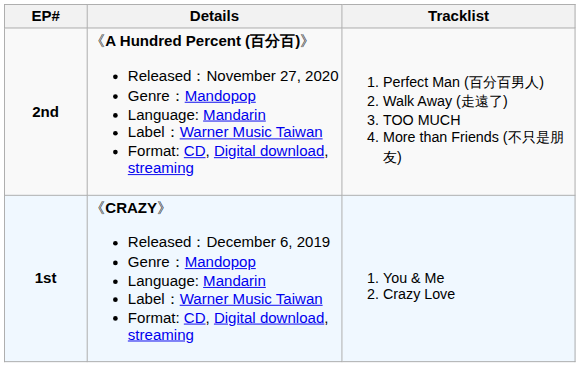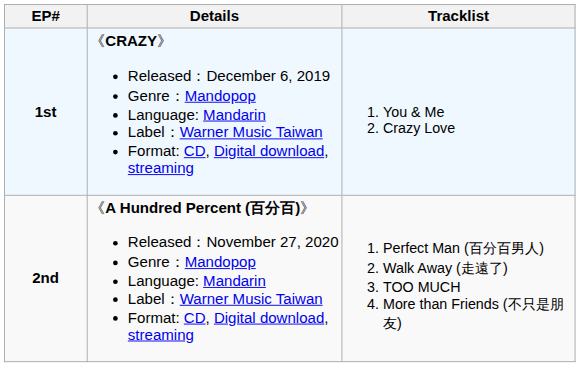 <table class="wikitable">
 <tr>
 <th width="100px">EP#</th>
 <th width="320px">Details</th>
 <th width="300px">Tracklist</th>
 </tr>
+<tr bgcolor="#F0F8FF">
+<td align=center><strong>1st</strong></td>
+<td align="left">《<strong>CRAZY</strong>》<br><ul><li>Released：December 6, 2019</li><li>Genre：<a href='#'>Mandopop</a></li><li>Language: <a href='#'>Mandarin</a></li><li>Label：<a href='#'>Warner Music Taiwan</a></li><li>Format: <a href='#'>CD</a>, <a href='#'>Digital download</a>, <a href='#'>streaming</a></li></ul></td>
+<td align="left" style="font-size: 95%;"><br><ol><li>You & Me</li><li>Crazy Love</li></ol></td>
+</tr>
 <tr>
 <td align=center><strong>2nd</strong></td>
 <td align="left">《<strong>A Hundred Percent (百分百)</strong>》<br><ul><li>Released：November 27, 2020 </li><li>Genre：<a href='#'>Mandopop</a></li><li>Language: <a href='#'>Mandarin</a></li><li>Label：<a href='#'>Warner Music Taiwan</a></li><li>Format: <a href='#'>CD</a>, <a href='#'>Digital download</a>, <a href='#'>streaming</a></li></ul></td>
 <td align="left" style="font-size: 95%;"><br><ol><li>Perfect Man (百分百男人)</li><li>Walk Away (走遠了)</li><li>TOO MUCH</li><li>More than Friends (不只是朋友)</li></ol></td>
 </tr>
-<tr bgcolor="#F0F8FF">
-<td align=center><strong>1st</strong></td>
-<td align="left">《<strong>CRAZY</strong>》<br><ul><li>Released：December 6, 2019</li><li>Genre：<a href='#'>Mandopop</a></li><li>Language: <a href='#'>Mandarin</a></li><li>Label：<a href='#'>Warner Music Taiwan</a></li><li>Format: <a href='#'>CD</a>, <a href='#'>Digital download</a>, <a href='#'>streaming</a></li></ul></td>
-<td align="left" style="font-size: 95%;"><br><ol><li>You & Me</li><li>Crazy Love</li></ol></td>
-</tr>
 </table>
